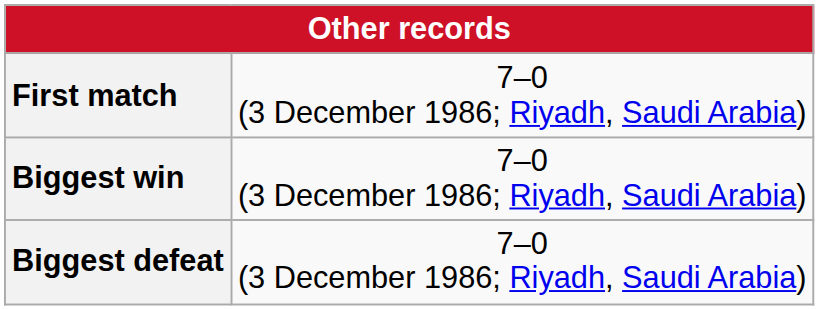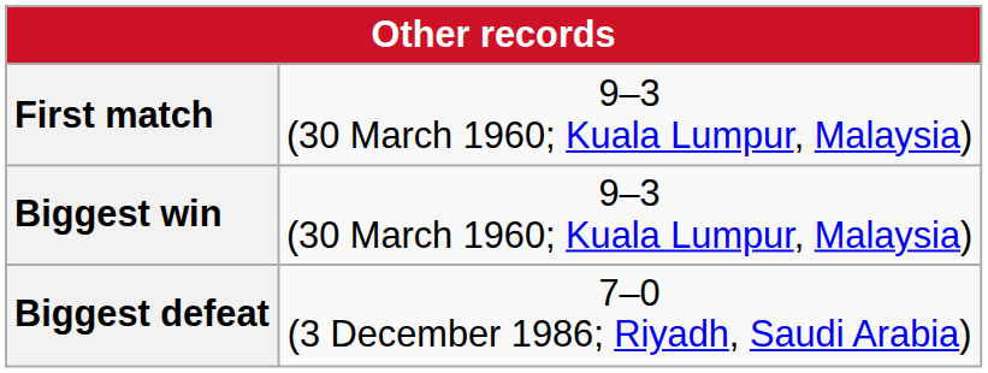 <table class="wikitable" style="text-align: center;font-size:100%;">
 <tr>
 <th colspan=6 style="background: #CE1126; color: #FFFFFF;">Other records</th>
 </tr>
 <tr>
 <th style="text-align: left;">First match</th>
-<td style="text-align: center;"> 7–0 <br> (3 December 1986; <a href='#'>Riyadh</a>, <a href='#'>Saudi Arabia</a>)</td>
+<td style="text-align: center;"> 9–3 <br> (30 March 1960; <a href='#'>Kuala Lumpur</a>, <a href='#'>Malaysia</a>)</td>
 </tr>
 <tr>
 <th style="text-align: left;">Biggest win</th>
-<td style="text-align: center;"> 7–0 <br> (3 December 1986; <a href='#'>Riyadh</a>, <a href='#'>Saudi Arabia</a>)</td>
+<td style="text-align: center;"> 9–3 <br> (30 March 1960; <a href='#'>Kuala Lumpur</a>, <a href='#'>Malaysia</a>)</td>
 </tr>
 <tr>
 <th style="text-align: left;">Biggest defeat</th>
 <td style="text-align: center;"> 7–0 <br> (3 December 1986; <a href='#'>Riyadh</a>, <a href='#'>Saudi Arabia</a>)</td>
 </tr>
 </table>
